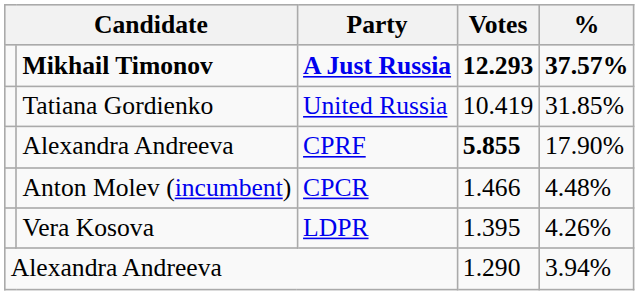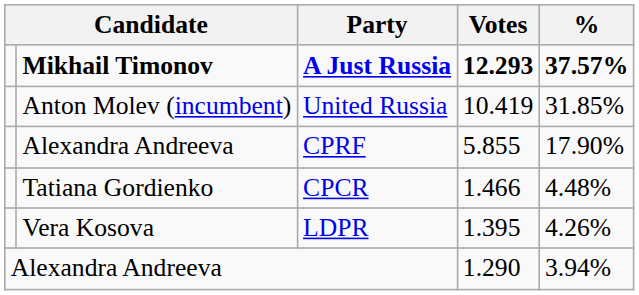 <table class="wikitable">
 <tr>
 <th colspan="2">Candidate</th>
 <th>Party</th>
 <th>Votes</th>
 <th>%</th>
 </tr>
 <tr>
 <td style="background-color: "></td>
 <td><strong>Mikhail Timonov</strong></td>
 <td><a href='#'><strong>A Just Russia</strong></a></td>
 <td><strong>12.293</strong></td>
 <td><strong>37.57%</strong></td>
 </tr>
 <tr>
 <td style="background-color: "></td>
-<td>Tatiana Gordienko</td>
+<td>Anton Molev (<a href='#'>incumbent</a>)</td>
 <td><a href='#'>United Russia</a></td>
 <td>10.419</td>
 <td>31.85%</td>
 </tr>
 <tr>
 <td style="background-color: "></td>
 <td>Alexandra Andreeva</td>
 <td><a href='#'>CPRF</a></td>
-<td><strong>5.855</strong></td>
+<td>5.855</td>
 <td>17.90%</td>
 </tr>
 <tr>
 <td style="background-color: "></td>
-<td>Anton Molev (<a href='#'>incumbent</a>)</td>
+<td>Tatiana Gordienko</td>
 <td><a href='#'>CPCR</a></td>
 <td>1.466</td>
 <td>4.48%</td>
 </tr>
 <tr>
 <td style="background-color: "></td>
 <td>Vera Kosova</td>
 <td><a href='#'>LDPR</a></td>
 <td>1.395</td>
 <td>4.26%</td>
 </tr>
 <tr>
 <td colspan="3">Alexandra Andreeva</td>
 <td>1.290</td>
 <td>3.94%</td>
 </tr>
 </table>
